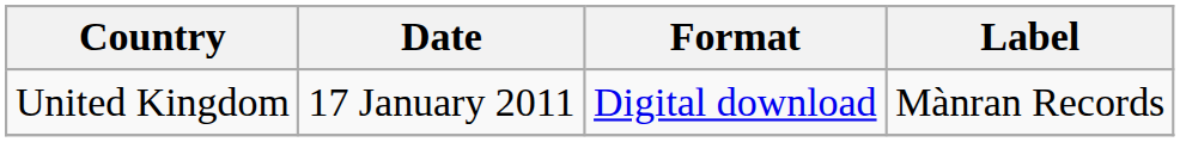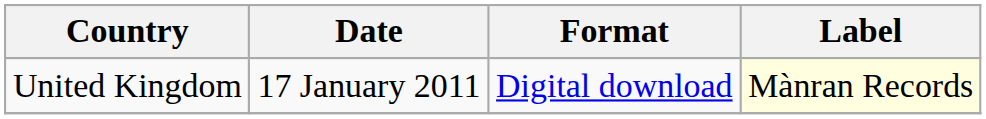 <table class="wikitable plainrowheaders">
 <tr>
 <th scope="col">Country</th>
 <th scope="col">Date</th>
 <th scope="col">Format</th>
 <th scope="col">Label</th>
 </tr>
 <tr>
 <td>United Kingdom</td>
 <td>17 January 2011</td>
 <td><a href='#'>Digital download</a></td>
-<td>Mànran Records</td>
+<td style="background: lightyellow;">Mànran Records</td>
 </tr>
 <tr>
 </tr>
 </table>
